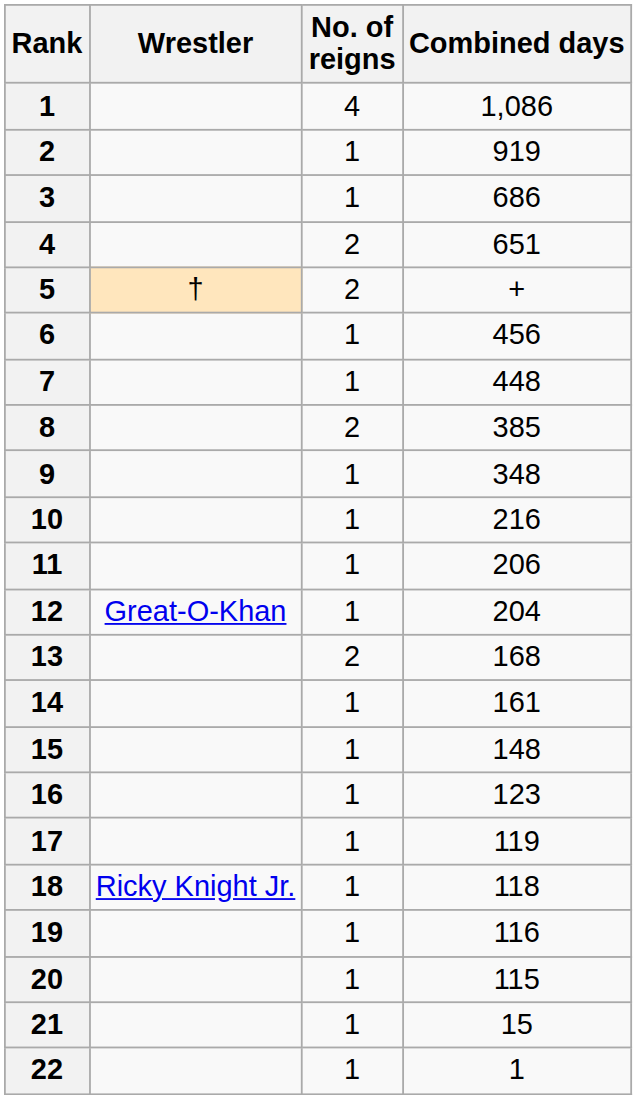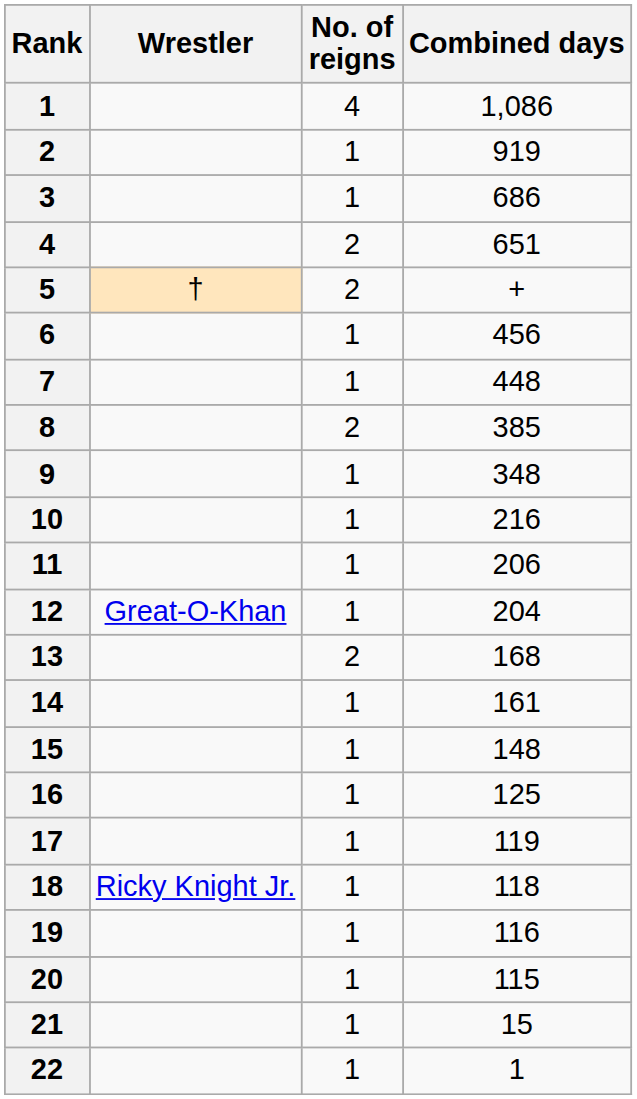 <table class="wikitable sortable" style="text-align: center">
 <tr>
 <th>Rank</th>
 <th>Wrestler</th>
 <th>No. of<br>reigns</th>
 <th>Combined days</th>
 </tr>
 <tr>
 <th>1</th>
 <td></td>
 <td>4</td>
 <td>1,086</td>
 </tr>
 <tr>
 <th>2</th>
 <td></td>
 <td>1</td>
 <td>919</td>
 </tr>
 <tr>
 <th>3</th>
 <td></td>
 <td>1</td>
 <td>686</td>
 </tr>
 <tr>
 <th>4</th>
 <td></td>
 <td>2</td>
 <td>651</td>
 </tr>
 <tr>
 <th>5</th>
 <td style="background-color:#ffe6bd"> †</td>
 <td>2</td>
 <td>+</td>
 </tr>
 <tr>
 <th>6</th>
 <td></td>
 <td>1</td>
 <td>456</td>
 </tr>
 <tr>
 <th>7</th>
 <td></td>
 <td>1</td>
 <td>448</td>
 </tr>
 <tr>
 <th>8</th>
 <td></td>
 <td>2</td>
 <td>385</td>
 </tr>
 <tr>
 <th>9</th>
 <td></td>
 <td>1</td>
 <td>348</td>
 </tr>
 <tr>
 <th>10</th>
 <td></td>
 <td>1</td>
 <td>216</td>
 </tr>
 <tr>
 <th>11</th>
 <td></td>
 <td>1</td>
 <td>206</td>
 </tr>
 <tr>
 <th>12</th>
 <td><a href='#'>Great-O-Khan</a></td>
 <td>1</td>
 <td>204</td>
 </tr>
 <tr>
 <th>13</th>
 <td></td>
 <td>2</td>
 <td>168</td>
 </tr>
 <tr>
 <th>14</th>
 <td></td>
 <td>1</td>
 <td>161</td>
 </tr>
 <tr>
 <th>15</th>
 <td></td>
 <td>1</td>
 <td>148</td>
 </tr>
 <tr>
 <th>16</th>
 <td></td>
 <td>1</td>
-<td>123</td>
+<td>125</td>
 </tr>
 <tr>
 <th>17</th>
 <td></td>
 <td>1</td>
 <td>119</td>
 </tr>
 <tr>
 <th>18</th>
 <td><a href='#'>Ricky Knight Jr.</a></td>
 <td>1</td>
 <td>118</td>
 </tr>
 <tr>
 <th>19</th>
 <td></td>
 <td>1</td>
 <td>116</td>
 </tr>
 <tr>
 <th>20</th>
 <td></td>
 <td>1</td>
 <td>115</td>
 </tr>
 <tr>
 <th>21</th>
 <td></td>
 <td>1</td>
 <td>15</td>
 </tr>
 <tr>
 <th>22</th>
 <td></td>
 <td>1</td>
 <td>1</td>
 </tr>
 <tr>
 </tr>
 </table>
